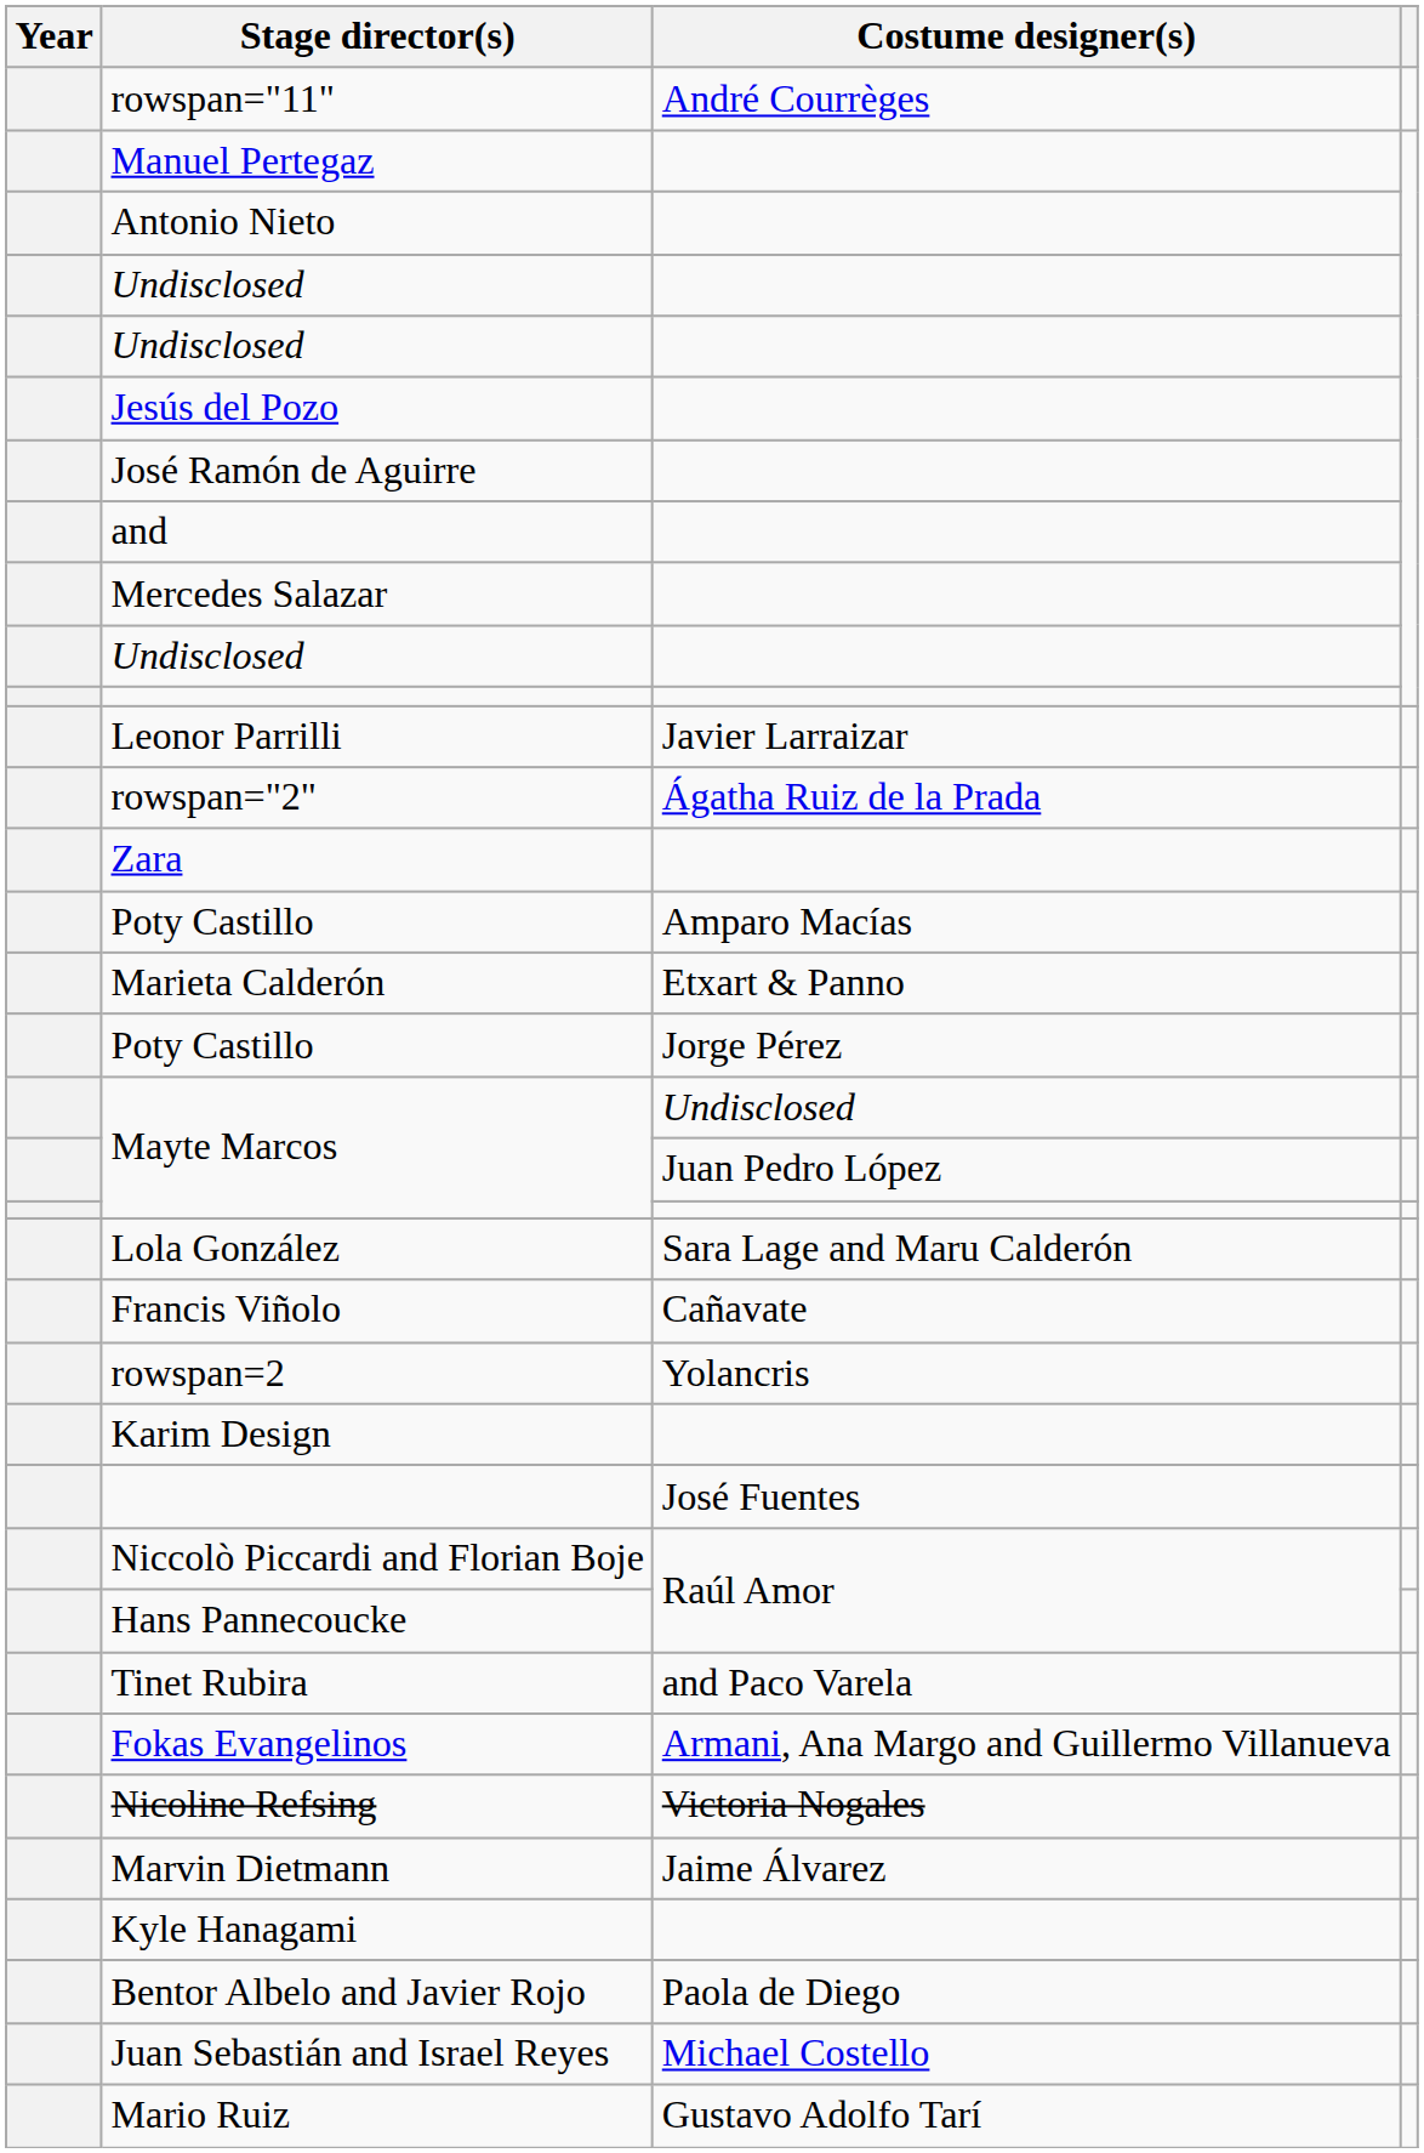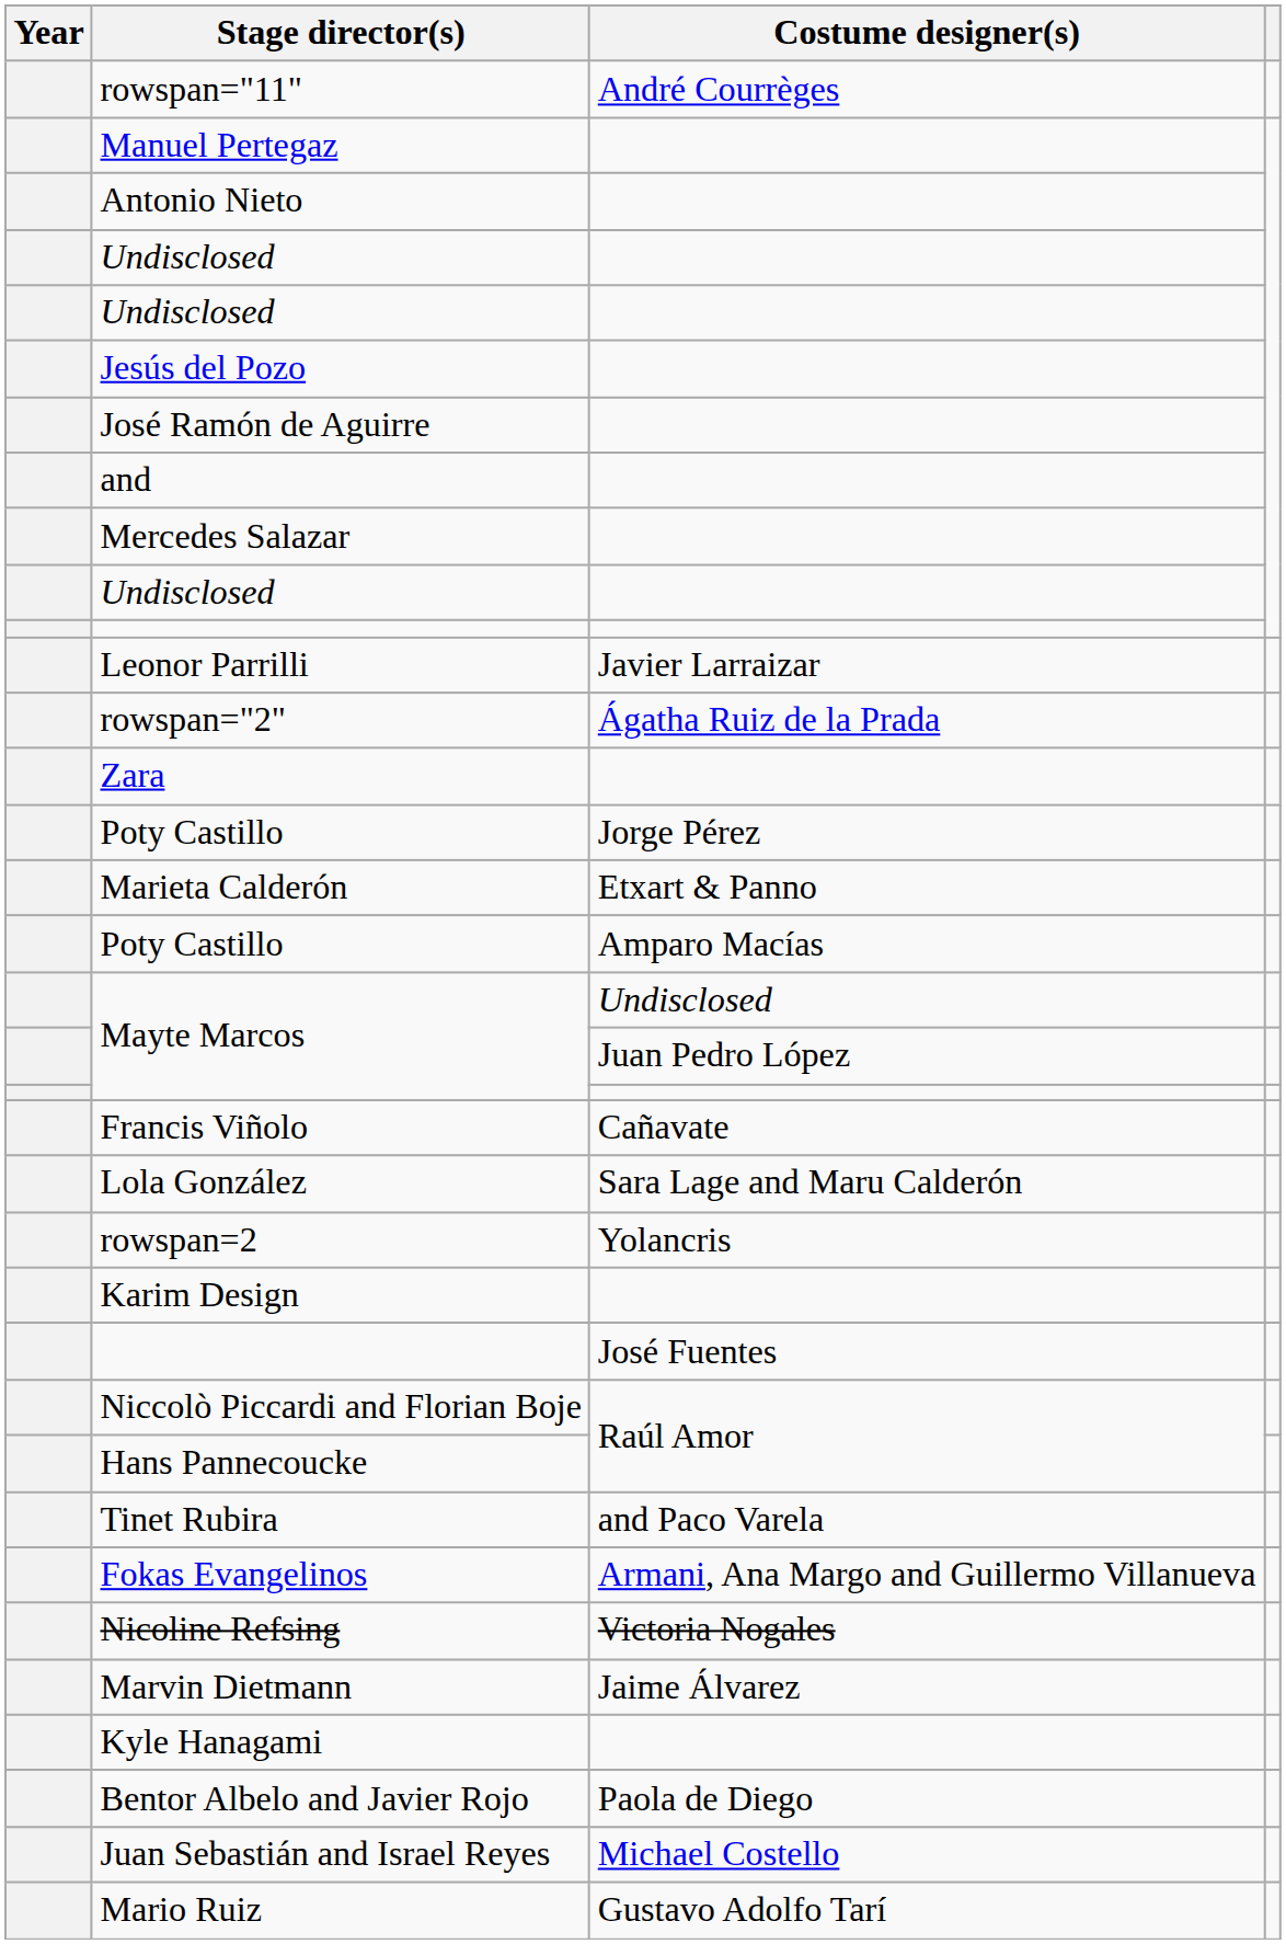 <table class="wikitable plainrowheaders">
 <tr>
 <th>Year</th>
 <th>Stage director(s)</th>
 <th>Costume designer(s)</th>
 <th></th>
 </tr>
 <tr>
 <th scope="row"></th>
 <td>rowspan="11" </td>
 <td><a href='#'>André Courrèges</a></td>
 <td></td>
 </tr>
 <tr>
 <th scope="row"></th>
 <td><a href='#'>Manuel Pertegaz</a></td>
 <td></td>
 </tr>
 <tr>
 <th scope="row"></th>
 <td>Antonio Nieto</td>
 <td></td>
 </tr>
 <tr>
 <th scope="row"></th>
 <td><em>Undisclosed</em></td>
 <td></td>
 </tr>
 <tr>
 <th scope="row"></th>
 <td><em>Undisclosed</em></td>
 <td></td>
 </tr>
 <tr>
 <th scope="row"></th>
 <td><a href='#'>Jesús del Pozo</a></td>
 <td></td>
 </tr>
 <tr>
 <th scope="row"></th>
 <td>José Ramón de Aguirre</td>
 <td></td>
 </tr>
 <tr>
 <th scope="row"></th>
 <td> and </td>
 <td></td>
 </tr>
 <tr>
 <th scope="row"></th>
 <td>Mercedes Salazar</td>
 <td></td>
 </tr>
 <tr>
 <th scope="row"></th>
 <td><em>Undisclosed</em></td>
 <td></td>
 </tr>
 <tr>
 <th scope="row"></th>
 <td></td>
 <td></td>
 </tr>
 <tr>
 <th scope="row"></th>
 <td>Leonor Parrilli</td>
 <td>Javier Larraizar</td>
 <td></td>
 </tr>
 <tr>
 <th scope="row"></th>
 <td>rowspan="2" </td>
 <td><a href='#'>Ágatha Ruiz de la Prada</a></td>
 <td></td>
 </tr>
 <tr>
 <th scope="row"></th>
 <td><a href='#'>Zara</a></td>
 <td></td>
 </tr>
 <tr>
 <th scope="row"></th>
 <td>Poty Castillo</td>
-<td>Amparo Macías</td>
+<td>Jorge Pérez</td>
 <td></td>
 </tr>
 <tr>
 <th scope="row"></th>
 <td>Marieta Calderón</td>
 <td>Etxart & Panno</td>
 <td></td>
 </tr>
 <tr>
 <th scope="row"></th>
 <td>Poty Castillo</td>
-<td>Jorge Pérez</td>
+<td>Amparo Macías</td>
 <td></td>
 </tr>
 <tr>
 <th scope="row"></th>
 <td rowspan="3">Mayte Marcos</td>
 <td><em>Undisclosed</em></td>
 <td></td>
 </tr>
 <tr>
 <th scope="row"></th>
 <td>Juan Pedro López</td>
 <td></td>
 </tr>
 <tr>
 <th scope="row"></th>
 <td></td>
 <td></td>
 </tr>
 <tr>
 <th scope="row"></th>
-<td>Lola González</td>
-<td>Sara Lage and Maru Calderón</td>
+<td>Francis Viñolo</td>
+<td>Cañavate</td>
 <td></td>
 </tr>
 <tr>
 <th scope="row"></th>
-<td>Francis Viñolo</td>
-<td>Cañavate</td>
+<td>Lola González</td>
+<td>Sara Lage and Maru Calderón</td>
 <td></td>
 </tr>
 <tr>
 <th scope="row"></th>
 <td>rowspan=2 </td>
 <td>Yolancris</td>
 <td></td>
 </tr>
 <tr>
 <th scope="row"></th>
 <td>Karim Design</td>
 <td></td>
 </tr>
 <tr>
 <th scope="row"></th>
 <td></td>
 <td>José Fuentes</td>
 <td></td>
 </tr>
 <tr>
 <th scope="row"></th>
 <td>Niccolò Piccardi and Florian Boje</td>
 <td rowspan=2>Raúl Amor</td>
 <td></td>
 </tr>
 <tr>
 <th scope="row"></th>
 <td>Hans Pannecoucke</td>
 <td></td>
 </tr>
 <tr>
 <th scope="row"></th>
 <td>Tinet Rubira</td>
 <td> and Paco Varela</td>
 <td></td>
 </tr>
 <tr>
 <th scope="row"></th>
 <td><a href='#'>Fokas Evangelinos</a></td>
 <td><a href='#'>Armani</a>, Ana Margo and Guillermo Villanueva</td>
 <td></td>
 </tr>
 <tr>
 <th scope="row"><s></s></th>
 <td><s>Nicoline Refsing</s></td>
 <td><s>Victoria Nogales</s></td>
 <td></td>
 </tr>
 <tr>
 <th scope="row"></th>
 <td>Marvin Dietmann</td>
 <td>Jaime Álvarez</td>
 <td></td>
 </tr>
 <tr>
 <th scope="row"></th>
 <td>Kyle Hanagami</td>
 <td></td>
 <td></td>
 </tr>
 <tr>
 <th scope="row"></th>
 <td>Bentor Albelo and Javier Rojo</td>
 <td>Paola de Diego</td>
 <td></td>
 </tr>
 <tr>
 <th scope="row"></th>
 <td>Juan Sebastián and Israel Reyes</td>
 <td><a href='#'>Michael Costello</a></td>
 <td></td>
 </tr>
 <tr>
 <th scope="row"></th>
 <td>Mario Ruiz</td>
 <td>Gustavo Adolfo Tarí</td>
 <td></td>
 </tr>
 </table>
